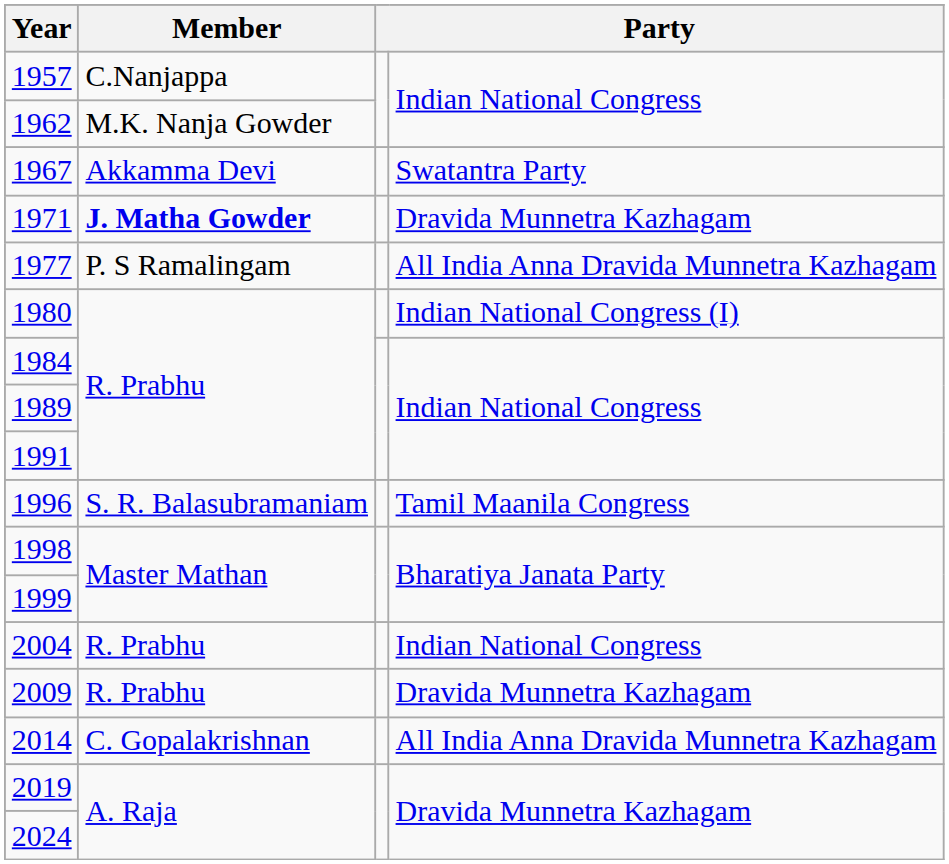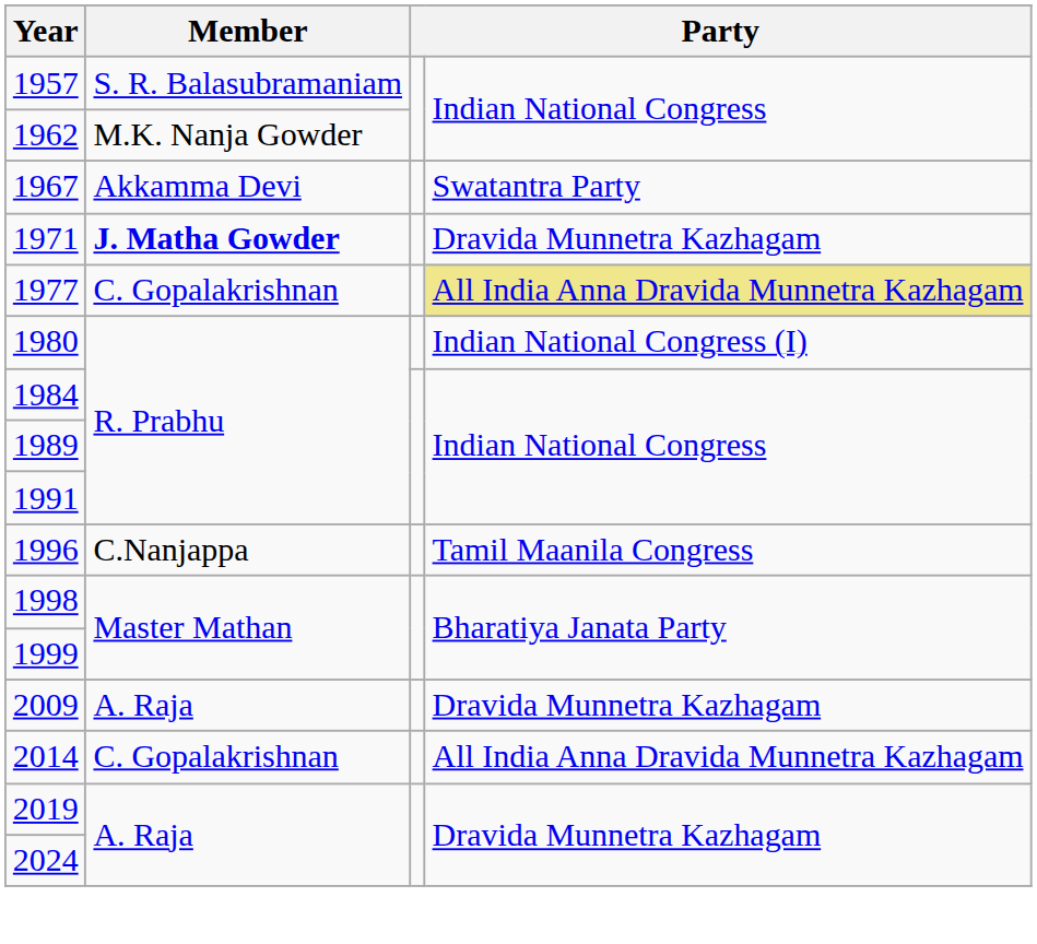 <table class="wikitable">
 <tr>
 <th>Year</th>
 <th>Member</th>
 <th colspan="2">Party</th>
 </tr>
 <tr>
 <td><a href='#'>1957</a></td>
-<td>C.Nanjappa</td>
+<td><a href='#'>S. R. Balasubramaniam</a></td>
 <td rowspan=2 style="background-color: "></td>
 <td rowspan=2><a href='#'>Indian National Congress</a></td>
 </tr>
 <tr>
 <td><a href='#'>1962</a></td>
 <td>M.K. Nanja Gowder</td>
 </tr>
 <tr>
 <td><a href='#'>1967</a></td>
 <td><a href='#'>Akkamma Devi</a></td>
 <td style="background-color: "></td>
 <td><a href='#'>Swatantra Party</a></td>
 </tr>
 <tr>
 <td><a href='#'>1971</a></td>
 <td><strong><a href='#'>J. Matha Gowder</a></strong></td>
 <td style="background-color: "></td>
 <td><a href='#'>Dravida Munnetra Kazhagam</a></td>
 </tr>
 <tr>
 <td><a href='#'>1977</a></td>
-<td>P. S Ramalingam</td>
+<td><a href='#'>C. Gopalakrishnan</a></td>
 <td style="background-color: "></td>
-<td><a href='#'>All India Anna Dravida Munnetra Kazhagam</a></td>
+<td style="background: khaki;"><a href='#'>All India Anna Dravida Munnetra Kazhagam</a></td>
 </tr>
 <tr>
 <td><a href='#'>1980</a></td>
 <td rowspan="4"><a href='#'>R. Prabhu</a></td>
 <td style="background-color: "></td>
 <td><a href='#'>Indian National Congress (I)</a></td>
 </tr>
 <tr>
 <td><a href='#'>1984</a></td>
 <td rowspan=3 style="background-color: "></td>
 <td rowspan=3><a href='#'>Indian National Congress</a></td>
 </tr>
 <tr>
 <td><a href='#'>1989</a></td>
 </tr>
 <tr>
 <td><a href='#'>1991</a></td>
 </tr>
 <tr>
 <td><a href='#'>1996</a></td>
-<td><a href='#'>S. R. Balasubramaniam</a></td>
+<td>C.Nanjappa</td>
 <td style="background-color: "></td>
 <td><a href='#'>Tamil Maanila Congress</a></td>
 </tr>
 <tr>
 <td><a href='#'>1998</a></td>
 <td rowspan="2"><a href='#'>Master Mathan</a></td>
 <td rowspan=2 style="background-color: "></td>
 <td rowspan=2><a href='#'>Bharatiya Janata Party</a></td>
 </tr>
 <tr>
 <td><a href='#'>1999</a></td>
 </tr>
 <tr>
-<td><a href='#'>2004</a></td>
-<td><a href='#'>R. Prabhu</a></td>
-<td style="background-color: "></td>
-<td><a href='#'>Indian National Congress</a></td>
-</tr>
-<tr>
 <td><a href='#'>2009</a></td>
-<td><a href='#'>R. Prabhu</a></td>
+<td><a href='#'>A. Raja</a></td>
 <td style="background-color: "></td>
 <td><a href='#'>Dravida Munnetra Kazhagam</a></td>
 </tr>
 <tr>
 <td><a href='#'>2014</a></td>
 <td><a href='#'>C. Gopalakrishnan</a></td>
 <td style="background-color: "></td>
 <td><a href='#'>All India Anna Dravida Munnetra Kazhagam</a></td>
 </tr>
 <tr>
 <td><a href='#'>2019</a></td>
 <td rowspan="2"><a href='#'>A. Raja</a></td>
 <td rowspan="2" style="background-color: "></td>
 <td rowspan="2"><a href='#'>Dravida Munnetra Kazhagam</a></td>
 </tr>
 <tr>
 <td><a href='#'>2024</a></td>
 </tr>
 </table>
